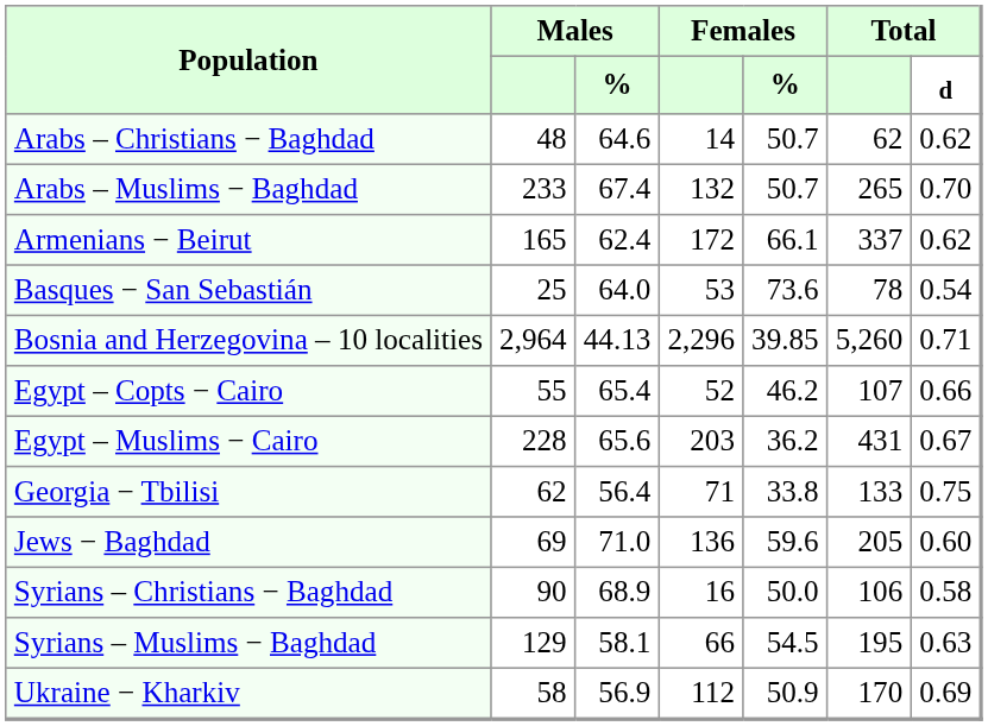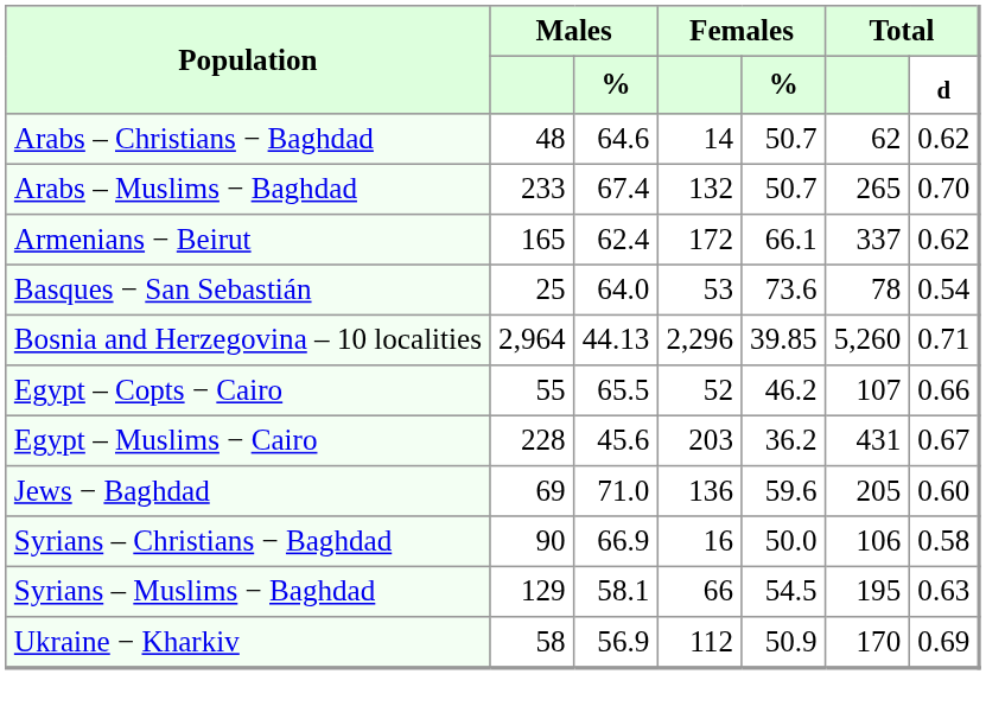 <table border=1 cellpadding=4 cellspacing=0 class="toccolours" style="align: left; margin: 0.5em 0 0 0; border-style: solid; border: 1px solid #999; border-right-width: 2px; border-bottom-width: 2px; border-collapse: collapse; font-size: 100%;">
 <tr>
 <td rowspan=2 style="background:#ddffdd;" align="center"><strong>Population</strong></td>
 <td colspan=2 style="background:#ddffdd;" align="center"><strong>Males</strong></td>
 <td colspan=2 style="background:#ddffdd;" align="center"><strong>Females</strong></td>
 <td colspan=2 style="background:#ddffdd;" align="center"><strong>Total</strong></td>
 </tr>
 <tr>
 <td colspan=1 style="background:#ddffdd;" align="center"><strong></strong></td>
 <td colspan=1 style="background:#ddffdd;" align="center"><strong>%</strong></td>
 <td colspan=1 style="background:#ddffdd;" align="center"><strong></strong></td>
 <td colspan=1 style="background:#ddffdd;" align="center"><strong>%</strong></td>
 <td colspan=1 style="background:#ddffdd;" align=center><strong></strong></td>
 <td colspan=1 style="background#ddffdd;" align=center><strong><sub>d</sub></strong></td>
 </tr>
 <tr>
 <td style="background:#f3fff3;"><a href='#'>Arabs</a> – <a href='#'>Christians</a> − <a href='#'>Baghdad</a></td>
 <td align="right">48</td>
 <td align="right">64.6</td>
 <td align="right">14</td>
 <td align="right">50.7</td>
 <td align="right">62</td>
 <td align="right">0.62</td>
 </tr>
 <tr>
 <td style="background:#f3fff3;"><a href='#'>Arabs</a> – <a href='#'>Muslims</a> − <a href='#'>Baghdad</a></td>
 <td align="right">233</td>
 <td align="right">67.4</td>
 <td align="right">132</td>
 <td align="right">50.7</td>
 <td align="right">265</td>
 <td align="right">0.70</td>
 </tr>
 <tr>
 <td style="background:#f3fff3;"><a href='#'>Armenians</a> − <a href='#'>Beirut</a></td>
 <td align="right">165</td>
 <td align="right">62.4</td>
 <td align="right">172</td>
 <td align="right">66.1</td>
 <td align="right">337</td>
 <td align="right">0.62</td>
 </tr>
 <tr>
 <td style="background:#f3fff3;"><a href='#'>Basques</a> − <a href='#'>San Sebastián</a></td>
 <td align="right">25</td>
 <td align="right">64.0</td>
 <td align="right">53</td>
 <td align="right">73.6</td>
 <td align="right">78</td>
 <td align="right">0.54</td>
 </tr>
 <tr>
 <td style="background:#f3fff3;"><a href='#'>Bosnia and Herzegovina</a> – 10 localities</td>
 <td align="right">2,964</td>
 <td align="right">44.13</td>
 <td align="right">2,296</td>
 <td align="right">39.85</td>
 <td align="right">5,260</td>
 <td align="right">0.71</td>
 </tr>
 <tr>
 <td style="background:#f3fff3;"><a href='#'>Egypt</a> – <a href='#'>Copts</a> − <a href='#'>Cairo</a></td>
 <td align="right">55</td>
-<td align="right">65.4</td>
+<td align="right">65.5</td>
 <td align="right">52</td>
 <td align="right">46.2</td>
 <td align="right">107</td>
 <td align="right">0.66</td>
 </tr>
 <tr>
 <td style="background:#f3fff3;"><a href='#'>Egypt</a> – <a href='#'>Muslims</a> − <a href='#'>Cairo</a></td>
 <td align="right">228</td>
-<td align="right">65.6</td>
+<td align="right">45.6</td>
 <td align="right">203</td>
 <td align="right">36.2</td>
 <td align="right">431</td>
 <td align="right">0.67</td>
-</tr>
-<tr>
-<td style="background:#f3fff3;"><a href='#'>Georgia</a> − <a href='#'>Tbilisi</a></td>
-<td align="right">62</td>
-<td align="right">56.4</td>
-<td align="right">71</td>
-<td align="right">33.8</td>
-<td align="right">133</td>
-<td align="right">0.75</td>
 </tr>
 <tr>
 <td style="background:#f3fff3;"><a href='#'>Jews</a> − <a href='#'>Baghdad</a></td>
 <td align="right">69</td>
 <td align="right">71.0</td>
 <td align="right">136</td>
 <td align="right">59.6</td>
 <td align="right">205</td>
 <td align="right">0.60</td>
 </tr>
 <tr>
 <td style="background:#f3fff3;"><a href='#'>Syrians</a> – <a href='#'>Christians</a> − <a href='#'>Baghdad</a></td>
 <td align="right">90</td>
-<td align="right">68.9</td>
+<td align="right">66.9</td>
 <td align="right">16</td>
 <td align="right">50.0</td>
 <td align="right">106</td>
 <td align="right">0.58</td>
 </tr>
 <tr>
 <td style="background:#f3fff3;"><a href='#'>Syrians</a> – <a href='#'>Muslims</a> − <a href='#'>Baghdad</a></td>
 <td align="right">129</td>
 <td align="right">58.1</td>
 <td align="right">66</td>
 <td align="right">54.5</td>
 <td align="right">195</td>
 <td align="right">0.63</td>
 </tr>
 <tr>
 <td style="background:#f3fff3;"><a href='#'>Ukraine</a> − <a href='#'>Kharkiv</a></td>
 <td align="right">58</td>
 <td align="right">56.9</td>
 <td align="right">112</td>
 <td align="right">50.9</td>
 <td align="right">170</td>
 <td align="right">0.69</td>
 </tr>
 <tr>
 </tr>
 </table>
